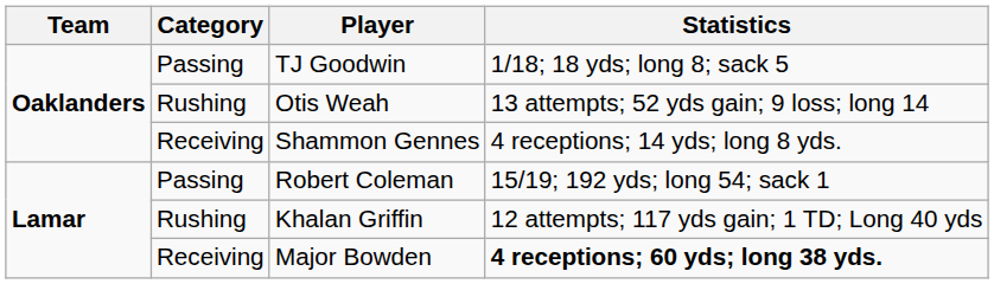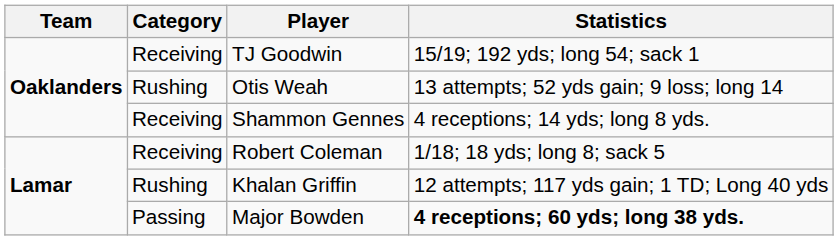 <table class="wikitable" style="float: right;">
 <tr>
 <th>Team</th>
 <th>Category</th>
 <th>Player</th>
 <th>Statistics</th>
 </tr>
 <tr>
 <td rowspan=3><strong>Oaklanders</strong></td>
-<td>Passing</td>
+<td>Receiving</td>
 <td>TJ Goodwin</td>
-<td>1/18; 18 yds; long 8; sack 5</td>
+<td>15/19; 192 yds;  long 54; sack 1</td>
 </tr>
 <tr>
 <td>Rushing</td>
 <td>Otis Weah</td>
 <td>13 attempts; 52 yds gain; 9 loss; long 14</td>
 </tr>
 <tr>
 <td>Receiving</td>
 <td>Shammon Gennes</td>
 <td>4 receptions; 14 yds; long 8 yds.</td>
 </tr>
 <tr>
 <td rowspan=3><strong>Lamar</strong></td>
-<td>Passing</td>
+<td>Receiving</td>
 <td>Robert Coleman</td>
-<td>15/19; 192 yds;  long 54; sack 1</td>
+<td>1/18; 18 yds; long 8; sack 5</td>
 </tr>
 <tr>
 <td>Rushing</td>
 <td>Khalan Griffin</td>
 <td>12 attempts; 117 yds gain; 1 TD; Long 40 yds</td>
 </tr>
 <tr>
-<td>Receiving</td>
+<td>Passing</td>
 <td>Major Bowden</td>
 <td><strong>4 receptions; 60 yds; long 38 yds.</strong></td>
 </tr>
 </table>
